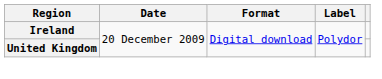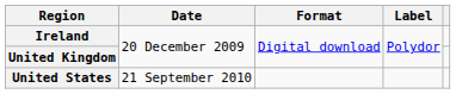 <table class="wikitable plainrowheaders">
 <tr>
 <th scope="col">Region</th>
 <th scope="col">Date</th>
 <th scope="col">Format</th>
 <th scope="col">Label</th>
 <th scope="col"></th>
 </tr>
 <tr>
 <th scope="row">Ireland</th>
 <td rowspan="2">20 December 2009</td>
 <td rowspan="2"><a href='#'>Digital download</a></td>
 <td rowspan="2"><a href='#'>Polydor</a></td>
 <td align="center"></td>
 </tr>
 <tr>
 <th scope="row">United Kingdom</th>
 <td align="center"></td>
 </tr>
+<tr>
+<th scope="row">United States</th>
+<td>21 September 2010</td>
+<td></td>
+<td></td>
+<td align="center"></td>
+</tr>
 </table>
